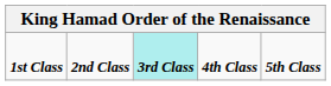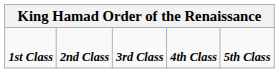 <table class="wikitable" style="margin: 1em auto;">
 <tr>
 <th colspan="5">King Hamad Order of the Renaissance</th>
 </tr>
 <tr align="center">
 <td><br><em><small><strong>1st Class</strong></small></em></td>
 <td><br><em><small><strong>2nd Class</strong></small></em></td>
-<td style="background: paleturquoise;"><br><em><small><strong>3rd Class</strong></small></em></td>
+<td><br><em><small><strong>3rd Class</strong></small></em></td>
 <td><br><em><small><strong>4th Class</strong></small></em></td>
 <td><br><em><small><strong>5th Class</strong></small></em></td>
 </tr>
 </table>
